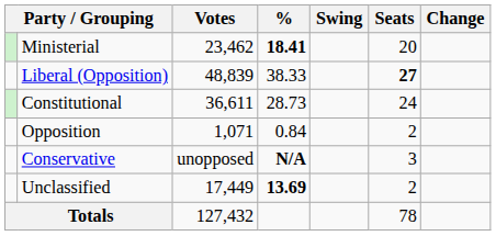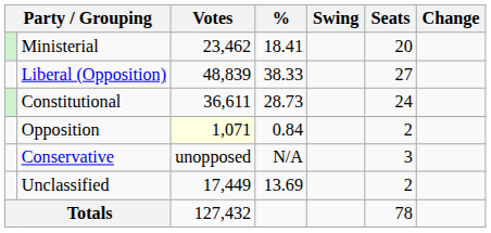 <table class="wikitable" style="text-align:right; margin-bottom:0">
 <tr>
 <th style="width:10px;" colspan=3>Party / Grouping</th>
 <th style="width:70px;">Votes</th>
 <th style="width:40px;">%</th>
 <th style="width:40px;">Swing</th>
 <th style="width:40px;">Seats</th>
 <th style="width:40px;">Change</th>
 </tr>
 <tr>
 <td style="text-align:left;background:#CEF2CE"> </td>
 <td style="text-align:left;" colspan="2">Ministerial</td>
 <td style="width:70px;">23,462</td>
-<td style="width:40px;"><strong>18.41</strong></td>
+<td style="width:40px;">18.41</td>
 <td style="width:45px;"></td>
 <td style="width:40px;">20</td>
 <td style="width:55px;"></td>
 </tr>
 <tr>
 <td> </td>
 <td style="text-align:left;" colspan="2"><a href='#'>Liberal (Opposition)</a></td>
 <td style="width:70px;">48,839</td>
 <td style="width:40px;">38.33</td>
 <td style="width:45px;"></td>
-<td style="width:40px;"><strong>27</strong></td>
+<td style="width:40px;">27</td>
 <td style="width:55px;"></td>
 </tr>
 <tr>
 <td style="text-align:left;background:#CEF2CE"> </td>
 <td style="text-align:left;" colspan="2">Constitutional</td>
 <td style="width:70px;">36,611</td>
 <td style="width:40px;">28.73</td>
 <td style="width:45px;"></td>
 <td style="width:40px;">24</td>
 <td style="width:55px;"></td>
 </tr>
 <tr>
 <td> </td>
 <td style="text-align:left;" colspan="2">Opposition</td>
-<td style="width:70px;">1,071</td>
+<td style="background: lightyellow; width:70px;">1,071</td>
 <td style="width:40px;">0.84</td>
 <td style="width:45px;"></td>
 <td style="width:40px;">2</td>
 <td style="width:55px;"></td>
 </tr>
 <tr>
 <td> </td>
 <td style="text-align:left;" colspan="2"><a href='#'>Conservative</a></td>
 <td style="width:70px;">unopposed</td>
-<td style="width:40px;"><strong>N/A</strong></td>
+<td style="width:40px;">N/A</td>
 <td style="width:45px;"></td>
 <td style="width:40px;">3</td>
 <td style="width:55px;"></td>
 </tr>
 <tr>
 <td> </td>
 <td style="text-align:left;" colspan="2">Unclassified</td>
 <td style="width:70px;">17,449</td>
-<td style="width:40px;"><strong>13.69</strong></td>
+<td style="width:40px;">13.69</td>
 <td style="width:45px;"></td>
 <td style="width:40px;">2</td>
 <td style="width:55px;"></td>
 </tr>
 <tr>
 <th colspan="3"> Totals</th>
 <td>127,432</td>
 <td></td>
 <td></td>
 <td>78</td>
 <td></td>
 </tr>
 </table>
